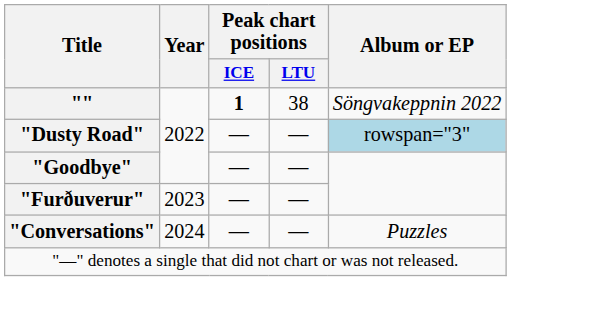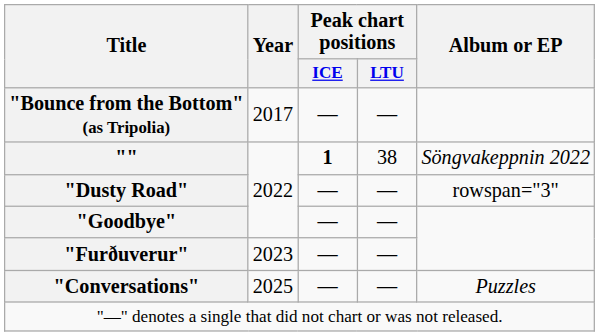 <table class="wikitable plainrowheaders" style="text-align:center;">
 <tr>
 <th scope="col" rowspan="2">Title</th>
 <th scope="col" rowspan="2">Year</th>
 <th scope="col" colspan="2">Peak chart positions</th>
 <th scope="col" rowspan="2">Album or EP</th>
 </tr>
 <tr>
 <th scope="col" style="width:3em;font-size:85%;"><a href='#'>ICE</a><br></th>
 <th scope="col" style="width:3em;font-size:85%;"><a href='#'>LTU</a><br></th>
 </tr>
 <tr>
+<th scope="row">"Bounce from the Bottom"<br><small>(as Tripolia)</small></th>
+<td>2017</td>
+<td>—</td>
+<td>—</td>
+<td></td>
+</tr>
+<tr>
 <th scope="row">""</th>
 <td rowspan="3">2022</td>
 <td><strong>1</strong></td>
 <td>38</td>
 <td><em>Söngvakeppnin 2022</em></td>
 </tr>
 <tr>
 <th scope="row">"Dusty Road"</th>
 <td>—</td>
 <td>—</td>
-<td style="background: lightblue;">rowspan="3" </td>
+<td>rowspan="3" </td>
 </tr>
 <tr>
 <th scope="row">"Goodbye"</th>
 <td>—</td>
 <td>—</td>
 </tr>
 <tr>
 <th scope="row">"Furðuverur"</th>
 <td>2023</td>
 <td>—</td>
 <td>—</td>
 </tr>
 <tr>
 <th scope="row">"Conversations"<br></th>
-<td>2024</td>
+<td>2025</td>
 <td>—</td>
 <td>—</td>
 <td><em>Puzzles</em></td>
 </tr>
 <tr>
 <td colspan="5" style="text-align:center; font-size:85%;">"—" denotes a single that did not chart or was not released.</td>
 </tr>
 </table>
